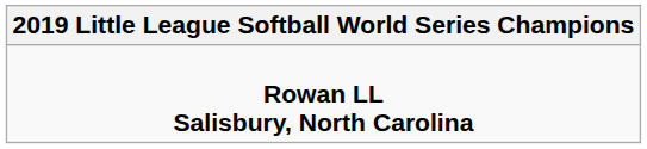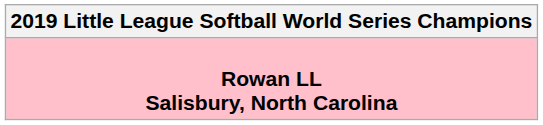 <table class="wikitable" style="text-align: center; margin: 0 auto;">
 <tr>
 <th>2019 Little League Softball World Series Champions</th>
 </tr>
 <tr>
-<td> <br><strong>Rowan LL</strong><br><strong>Salisbury, North Carolina</strong></td>
+<td style="background: pink;"> <br><strong>Rowan LL</strong><br><strong>Salisbury, North Carolina</strong></td>
 </tr>
 </table>
